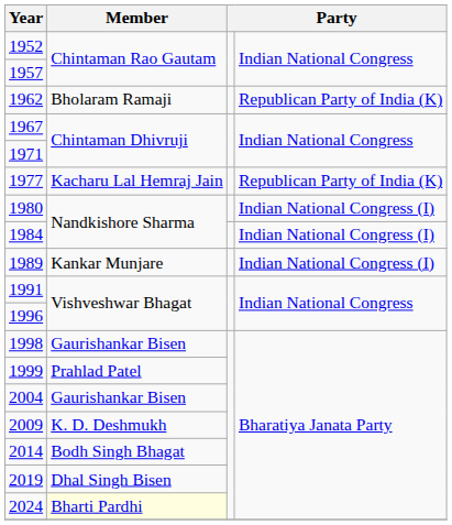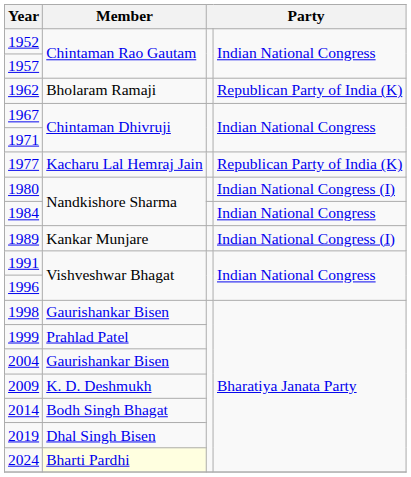 <table class="wikitable">
 <tr>
 <th>Year</th>
 <th>Member</th>
 <th colspan="2">Party</th>
 </tr>
 <tr>
 <td><a href='#'>1952</a></td>
 <td rowspan="2"><a href='#'>Chintaman Rao Gautam</a></td>
 <td rowspan="2" style="background-color: "></td>
 <td rowspan="2"><a href='#'>Indian National Congress</a></td>
 </tr>
 <tr>
 <td><a href='#'>1957</a></td>
 </tr>
 <tr>
 <td><a href='#'>1962</a></td>
 <td>Bholaram Ramaji</td>
 <td style="background-color: "></td>
 <td><a href='#'>Republican Party of India (K)</a></td>
 </tr>
 <tr>
 <td><a href='#'>1967</a></td>
 <td rowspan="2"><a href='#'>Chintaman Dhivruji</a></td>
 <td rowspan="2" style="background-color: "></td>
 <td rowspan="2"><a href='#'>Indian National Congress</a></td>
 </tr>
 <tr>
 <td><a href='#'>1971</a></td>
 </tr>
 <tr>
 <td><a href='#'>1977</a></td>
 <td><a href='#'>Kacharu Lal Hemraj Jain</a></td>
 <td style="background-color: "></td>
 <td><a href='#'>Republican Party of India (K)</a></td>
 </tr>
 <tr>
 <td><a href='#'>1980</a></td>
 <td rowspan="2">Nandkishore Sharma</td>
 <td style="background-color: "></td>
 <td><a href='#'>Indian National Congress (I)</a></td>
 </tr>
 <tr>
 <td><a href='#'>1984</a></td>
 <td style="background-color: "></td>
-<td><a href='#'>Indian National Congress (I)</a></td>
+<td><a href='#'>Indian National Congress</a></td>
 </tr>
 <tr>
 <td><a href='#'>1989</a></td>
 <td>Kankar Munjare</td>
 <td style="background-color: "></td>
 <td><a href='#'>Indian National Congress (I)</a></td>
 </tr>
 <tr>
 <td><a href='#'>1991</a></td>
 <td rowspan="2">Vishveshwar Bhagat</td>
 <td rowspan="2" style="background-color: "></td>
 <td rowspan="2"><a href='#'>Indian National Congress</a></td>
 </tr>
 <tr>
 <td><a href='#'>1996</a></td>
 </tr>
 <tr>
 <td><a href='#'>1998</a></td>
 <td><a href='#'>Gaurishankar Bisen</a></td>
 <td rowspan="7" style="background-color: "></td>
 <td rowspan="7"><a href='#'>Bharatiya Janata Party</a></td>
 </tr>
 <tr>
 <td><a href='#'>1999</a></td>
 <td><a href='#'>Prahlad Patel</a></td>
 </tr>
 <tr>
 <td><a href='#'>2004</a></td>
 <td><a href='#'>Gaurishankar Bisen</a></td>
 </tr>
 <tr>
 <td><a href='#'>2009</a></td>
 <td><a href='#'>K. D. Deshmukh</a></td>
 </tr>
 <tr>
 <td><a href='#'>2014</a></td>
 <td><a href='#'>Bodh Singh Bhagat</a></td>
 </tr>
 <tr>
 <td><a href='#'>2019</a></td>
 <td><a href='#'>Dhal Singh Bisen</a></td>
 </tr>
 <tr>
 <td><a href='#'>2024</a></td>
 <td style="background: lightyellow;"><a href='#'>Bharti Pardhi</a></td>
 </tr>
 <tr>
 </tr>
 </table>
